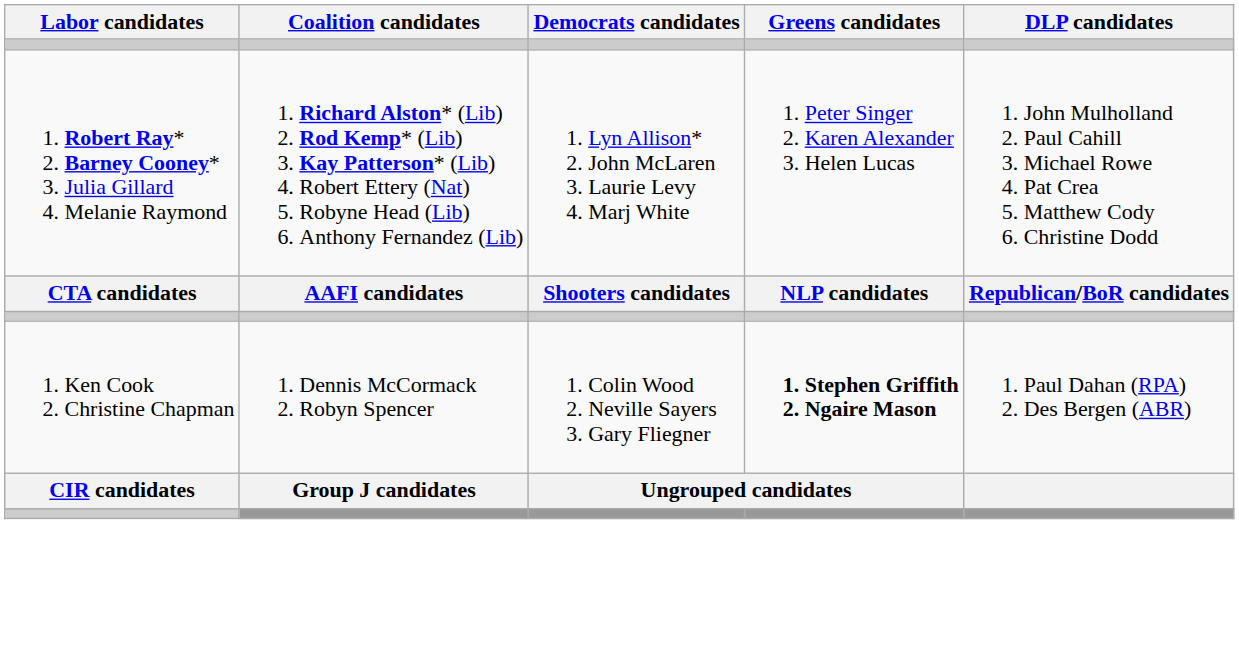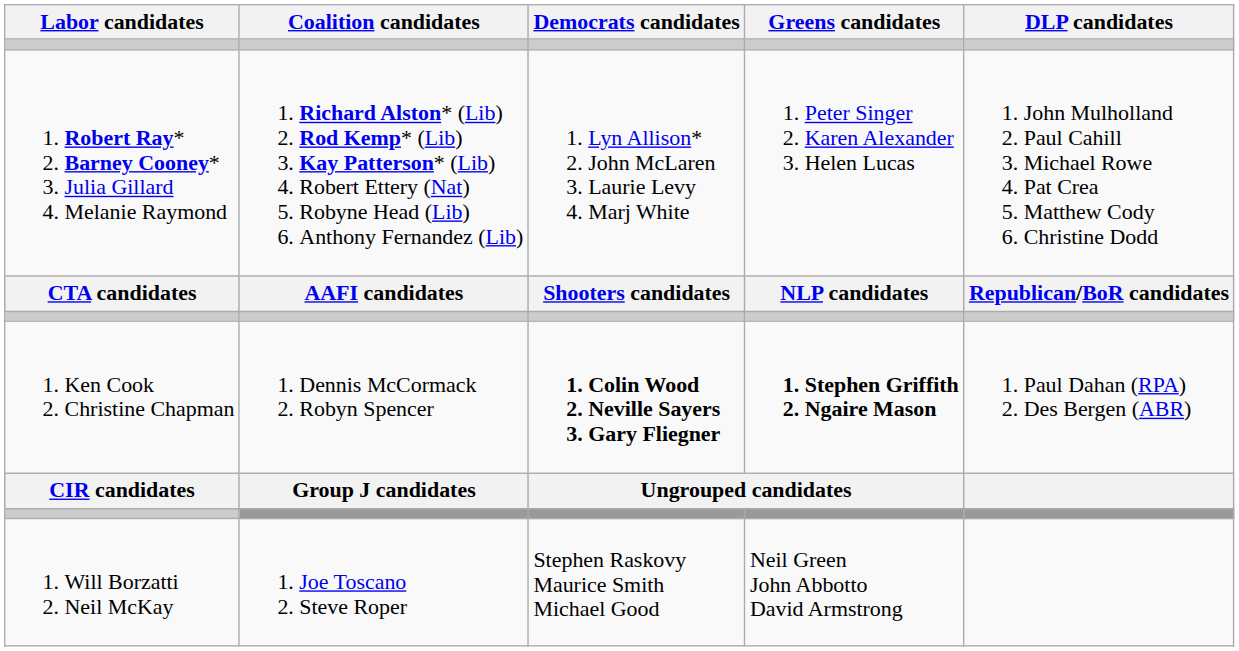 <table class="wikitable">
 <tr>
 <th><a href='#'>Labor</a> candidates</th>
 <th><a href='#'>Coalition</a> candidates</th>
 <th><a href='#'>Democrats</a> candidates</th>
 <th><a href='#'>Greens</a> candidates</th>
 <th><a href='#'>DLP</a> candidates</th>
 </tr>
 <tr bgcolor="#cccccc">
 <td></td>
 <td></td>
 <td></td>
 <td></td>
 <td></td>
 </tr>
 <tr>
 <td><br><ol><li><strong><a href='#'>Robert Ray</a></strong>*</li><li><strong><a href='#'>Barney Cooney</a></strong>*</li><li><a href='#'>Julia Gillard</a></li><li>Melanie Raymond</li></ol></td>
 <td><br><ol><li><strong><a href='#'>Richard Alston</a></strong>* (<a href='#'>Lib</a>)</li><li><strong><a href='#'>Rod Kemp</a></strong>* (<a href='#'>Lib</a>)</li><li><strong><a href='#'>Kay Patterson</a></strong>* (<a href='#'>Lib</a>)</li><li>Robert Ettery (<a href='#'>Nat</a>)</li><li>Robyne Head (<a href='#'>Lib</a>)</li><li>Anthony Fernandez (<a href='#'>Lib</a>)</li></ol></td>
 <td><br><ol><li><a href='#'>Lyn Allison</a>*</li><li>John McLaren</li><li>Laurie Levy</li><li>Marj White</li></ol></td>
 <td valign=top><br><ol><li><a href='#'>Peter Singer</a></li><li><a href='#'>Karen Alexander</a></li><li>Helen Lucas</li></ol></td>
 <td valign=top><br><ol><li>John Mulholland</li><li>Paul Cahill</li><li>Michael Rowe</li><li>Pat Crea</li><li>Matthew Cody</li><li>Christine Dodd</li></ol></td>
 </tr>
 <tr bgcolor="#cccccc">
 <th><a href='#'>CTA</a> candidates</th>
 <th><a href='#'>AAFI</a> candidates</th>
 <th><a href='#'>Shooters</a> candidates</th>
 <th><a href='#'>NLP</a> candidates</th>
 <th><a href='#'>Republican</a>/<a href='#'>BoR</a> candidates</th>
 </tr>
 <tr bgcolor="#cccccc">
 <td></td>
 <td></td>
 <td></td>
 <td></td>
 <td></td>
 </tr>
 <tr>
 <td valign=top><br><ol><li>Ken Cook</li><li>Christine Chapman</li></ol></td>
 <td valign=top><br><ol><li>Dennis McCormack</li><li>Robyn Spencer</li></ol></td>
-<td valign=top><br><ol><li>Colin Wood</li><li>Neville Sayers</li><li>Gary Fliegner</li></ol></td>
+<td valign=top><strong><br><ol><li>Colin Wood</li><li>Neville Sayers</li><li>Gary Fliegner</li></ol></strong></td>
 <td valign=top><strong><br><ol><li>Stephen Griffith</li><li>Ngaire Mason</li></ol></strong></td>
 <td valign=top><br><ol><li>Paul Dahan (<a href='#'>RPA</a>)</li><li>Des Bergen (<a href='#'>ABR</a>)</li></ol></td>
 </tr>
 <tr bgcolor="#cccccc">
 <th><a href='#'>CIR</a> candidates</th>
 <th>Group J candidates</th>
 <th colspan="2">Ungrouped candidates</th>
 <th></th>
 </tr>
 <tr bgcolor="#cccccc">
 <td></td>
 <td bgcolor="#999999"></td>
 <td bgcolor="#999999"></td>
 <td bgcolor="#999999"></td>
 <td bgcolor="#999999"></td>
 </tr>
+<tr>
+<td valign=top><br><ol><li>Will Borzatti</li><li>Neil McKay</li></ol></td>
+<td valign=top><br><ol><li><a href='#'>Joe Toscano</a></li><li>Steve Roper</li></ol></td>
+<td valign=top><br>Stephen Raskovy<br> Maurice Smith<br> Michael Good</td>
+<td valign=top><br>Neil Green<br> John Abbotto<br> David Armstrong</td>
+<td valign=top></td>
+</tr>
 </table>
